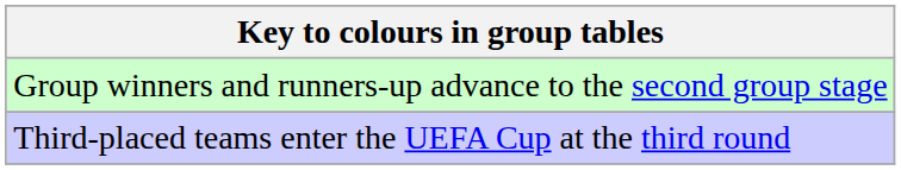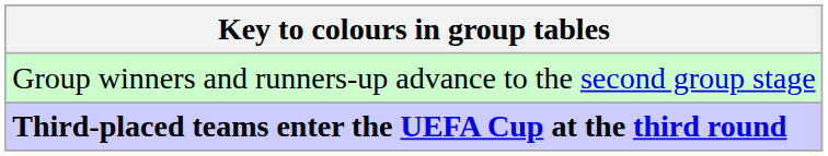 <table class="wikitable">
 <tr>
 <th>Key to colours in group tables</th>
 </tr>
 <tr bgcolor="#ccffcc">
 <td>Group winners and runners-up advance to the <a href='#'>second group stage</a></td>
 </tr>
 <tr bgcolor="#ccccff">
-<td>Third-placed teams enter the <a href='#'>UEFA Cup</a> at the <a href='#'>third round</a></td>
+<td><strong>Third-placed teams enter the <a href='#'>UEFA Cup</a> at the <a href='#'>third round</a></strong></td>
 </tr>
 </table>
